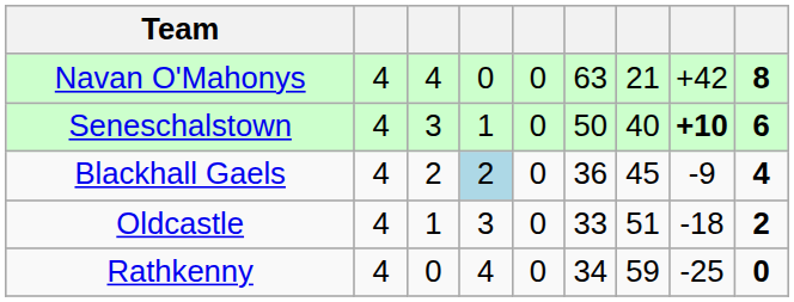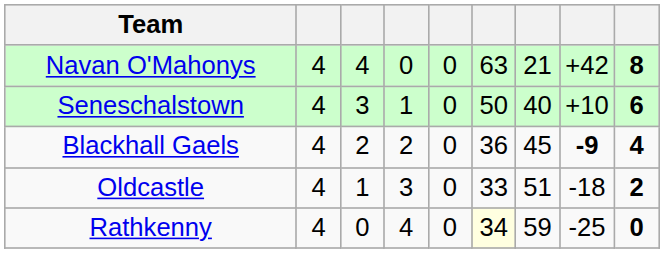 <table class="wikitable" style="text-align:center">
 <tr>
 <th style="width:175px;">Team</th>
 <th width="20"></th>
 <th width="20"></th>
 <th width="20"></th>
 <th width="20"></th>
 <th width="20"></th>
 <th width="20"></th>
 <th width="20"></th>
 <th width="20"></th>
 </tr>
 <tr style="background:#cfc;">
 <td><a href='#'>Navan O'Mahonys</a></td>
 <td>4</td>
 <td>4</td>
 <td>0</td>
 <td>0</td>
 <td>63</td>
 <td>21</td>
 <td>+42</td>
 <td><strong>8</strong></td>
 </tr>
 <tr style="background:#cfc;">
 <td><a href='#'>Seneschalstown</a></td>
 <td>4</td>
 <td>3</td>
 <td>1</td>
 <td>0</td>
 <td>50</td>
 <td>40</td>
-<td><strong>+10</strong></td>
+<td>+10</td>
 <td><strong>6</strong></td>
 </tr>
 <tr>
 <td><a href='#'>Blackhall Gaels</a></td>
 <td>4</td>
 <td>2</td>
-<td style="background: lightblue;">2</td>
+<td>2</td>
 <td>0</td>
 <td>36</td>
 <td>45</td>
-<td>-9</td>
+<td><strong>-9</strong></td>
 <td><strong>4</strong></td>
 </tr>
 <tr>
 <td><a href='#'>Oldcastle</a></td>
 <td>4</td>
 <td>1</td>
 <td>3</td>
 <td>0</td>
 <td>33</td>
 <td>51</td>
 <td>-18</td>
 <td><strong>2</strong></td>
 </tr>
 <tr>
 <td><a href='#'>Rathkenny</a></td>
 <td>4</td>
 <td>0</td>
 <td>4</td>
 <td>0</td>
-<td>34</td>
+<td style="background: lightyellow;">34</td>
 <td>59</td>
 <td>-25</td>
 <td><strong>0</strong></td>
 </tr>
 </table>
